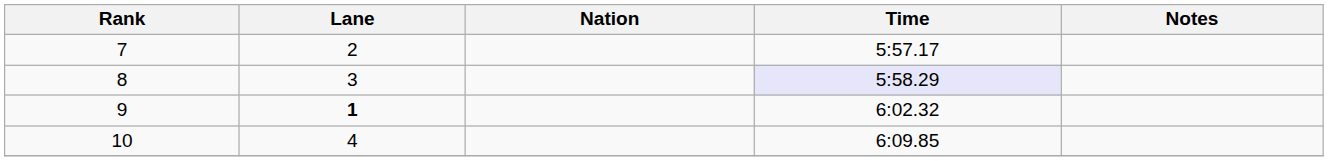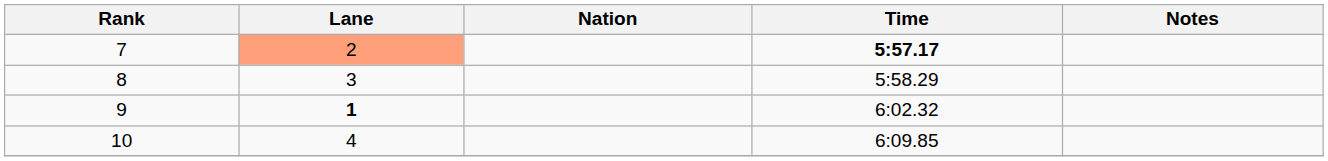 <table class="wikitable sortable" style="text-align:center; width: 70%;">
 <tr>
 <th>Rank</th>
 <th>Lane</th>
 <th>Nation</th>
 <th>Time</th>
 <th>Notes</th>
 </tr>
 <tr>
 <td>7</td>
-<td>2</td>
+<td style="background: lightsalmon;">2</td>
 <td align=left></td>
-<td>5:57.17</td>
+<td><strong>5:57.17</strong></td>
 <td></td>
 </tr>
 <tr>
 <td>8</td>
 <td>3</td>
 <td align=left></td>
-<td style="background: lavender;">5:58.29</td>
+<td>5:58.29</td>
 <td></td>
 </tr>
 <tr>
 <td>9</td>
 <td><strong>1</strong></td>
 <td align=left></td>
 <td>6:02.32</td>
 <td></td>
 </tr>
 <tr>
 <td>10</td>
 <td>4</td>
 <td align=left></td>
 <td>6:09.85</td>
 <td></td>
 </tr>
 <tr>
 </tr>
 </table>
